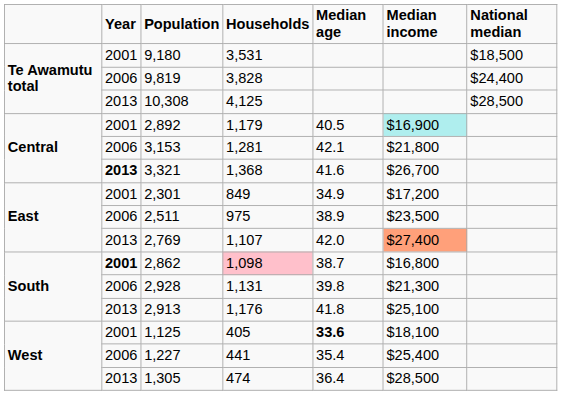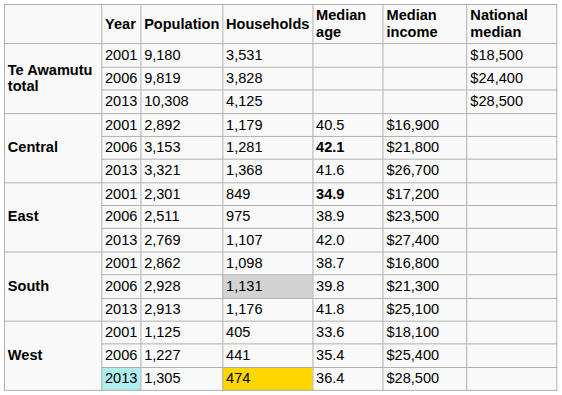 <table class="wikitable mw-collapsible mw-collapsed">
 <tr>
 <td></td>
 <td><strong>Year</strong></td>
 <td><strong>Population</strong></td>
 <td><strong>Households</strong></td>
 <td><strong>Median age</strong></td>
 <td><strong>Median income</strong></td>
 <td><strong>National median</strong></td>
 </tr>
 <tr>
 <td rowspan="3"><strong>Te Awamutu total</strong></td>
 <td>2001</td>
 <td>9,180</td>
 <td>3,531</td>
 <td></td>
 <td></td>
 <td>$18,500</td>
 </tr>
 <tr>
 <td>2006</td>
 <td>9,819</td>
 <td>3,828</td>
 <td></td>
 <td></td>
 <td>$24,400</td>
 </tr>
 <tr>
 <td>2013</td>
 <td>10,308</td>
 <td>4,125</td>
 <td></td>
 <td></td>
 <td>$28,500</td>
 </tr>
 <tr>
 <td rowspan="3"><strong>Central</strong></td>
 <td>2001</td>
 <td>2,892</td>
 <td>1,179</td>
 <td>40.5</td>
-<td style="background: paleturquoise;">$16,900</td>
+<td>$16,900</td>
 <td></td>
 </tr>
 <tr>
 <td>2006</td>
 <td>3,153</td>
 <td>1,281</td>
-<td>42.1</td>
+<td><strong>42.1</strong></td>
 <td>$21,800</td>
 <td></td>
 </tr>
 <tr>
-<td><strong>2013</strong></td>
+<td>2013</td>
 <td>3,321</td>
 <td>1,368</td>
 <td>41.6</td>
 <td>$26,700</td>
 <td></td>
 </tr>
 <tr>
 <td rowspan="3"><strong>East</strong></td>
 <td>2001</td>
 <td>2,301</td>
 <td>849</td>
-<td>34.9</td>
+<td><strong>34.9</strong></td>
 <td>$17,200</td>
 <td></td>
 </tr>
 <tr>
 <td>2006</td>
 <td>2,511</td>
 <td>975</td>
 <td>38.9</td>
 <td>$23,500</td>
 <td></td>
 </tr>
 <tr>
 <td>2013</td>
 <td>2,769</td>
 <td>1,107</td>
 <td>42.0</td>
-<td style="background: lightsalmon;">$27,400</td>
+<td>$27,400</td>
 <td></td>
 </tr>
 <tr>
 <td rowspan="3"><strong>South</strong></td>
-<td><strong>2001</strong></td>
+<td>2001</td>
 <td>2,862</td>
-<td style="background: pink;">1,098</td>
+<td>1,098</td>
 <td>38.7</td>
 <td>$16,800</td>
 <td></td>
 </tr>
 <tr>
 <td>2006</td>
 <td>2,928</td>
-<td>1,131</td>
+<td style="background: lightgrey;">1,131</td>
 <td>39.8</td>
 <td>$21,300</td>
 <td></td>
 </tr>
 <tr>
 <td>2013</td>
 <td>2,913</td>
 <td>1,176</td>
 <td>41.8</td>
 <td>$25,100</td>
 <td></td>
 </tr>
 <tr>
 <td rowspan="3"><strong>West</strong></td>
 <td>2001</td>
 <td>1,125</td>
 <td>405</td>
-<td><strong>33.6</strong></td>
+<td>33.6</td>
 <td>$18,100</td>
 <td></td>
 </tr>
 <tr>
 <td>2006</td>
 <td>1,227</td>
 <td>441</td>
 <td>35.4</td>
 <td>$25,400</td>
 <td></td>
 </tr>
 <tr>
-<td>2013</td>
+<td style="background: paleturquoise;">2013</td>
 <td>1,305</td>
-<td>474</td>
+<td style="background: gold;">474</td>
 <td>36.4</td>
 <td>$28,500</td>
 <td></td>
 </tr>
 </table>
